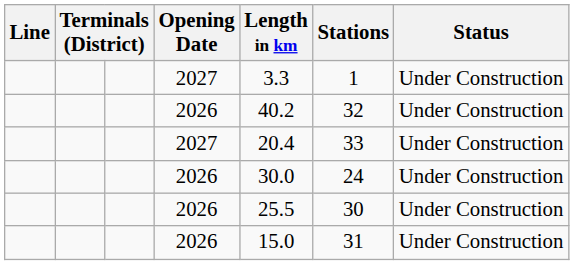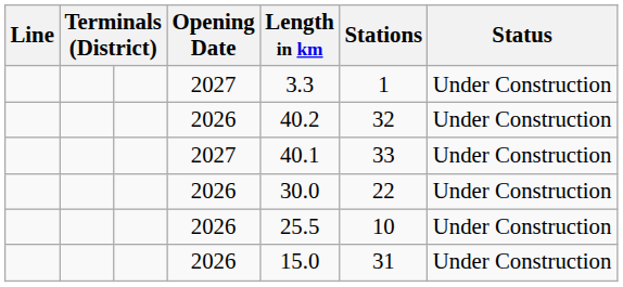 <table class="wikitable sortable" style="cell-padding:0.5em; text-align:center;">
 <tr>
 <th data-sort-type="text">Line</th>
 <th colspan="2" class="unsortable">Terminals<br><span>(District)</span></th>
 <th>Opening<br>Date</th>
 <th>Length<br><small><span>in <a href='#'>km</a></span></small></th>
 <th>Stations</th>
 <th>Status</th>
 </tr>
 <tr>
 <td></td>
 <td><strong></strong></td>
 <td><strong></strong></td>
 <td>2027</td>
 <td>3.3</td>
 <td>1</td>
 <td>Under Construction</td>
 </tr>
 <tr>
 <td></td>
 <td><strong></strong></td>
 <td><strong></strong></td>
 <td>2026</td>
 <td>40.2</td>
 <td>32</td>
 <td>Under Construction</td>
 </tr>
 <tr>
 <td></td>
 <td><strong></strong></td>
 <td><strong></strong></td>
 <td>2027</td>
-<td>20.4</td>
+<td>40.1</td>
 <td>33</td>
 <td>Under Construction</td>
 </tr>
 <tr>
 <td></td>
 <td><strong></strong></td>
 <td><strong></strong></td>
 <td>2026</td>
 <td>30.0</td>
-<td>24</td>
+<td>22</td>
 <td>Under Construction</td>
 </tr>
 <tr>
 <td></td>
 <td><strong></strong></td>
 <td><strong></strong></td>
 <td>2026</td>
 <td>25.5</td>
-<td>30</td>
+<td>10</td>
 <td>Under Construction</td>
 </tr>
 <tr>
 <td></td>
 <td><strong></strong></td>
 <td><strong></strong></td>
 <td>2026</td>
 <td>15.0</td>
 <td>31</td>
 <td>Under Construction</td>
 </tr>
 </table>
